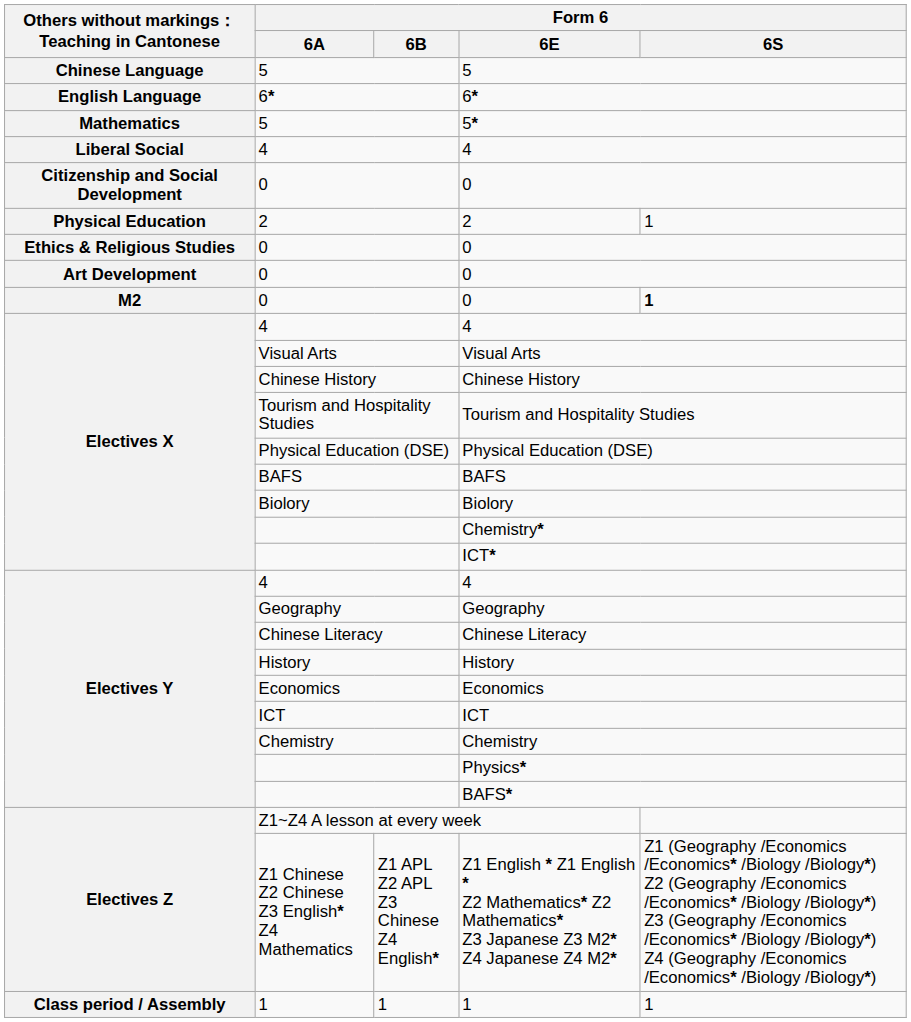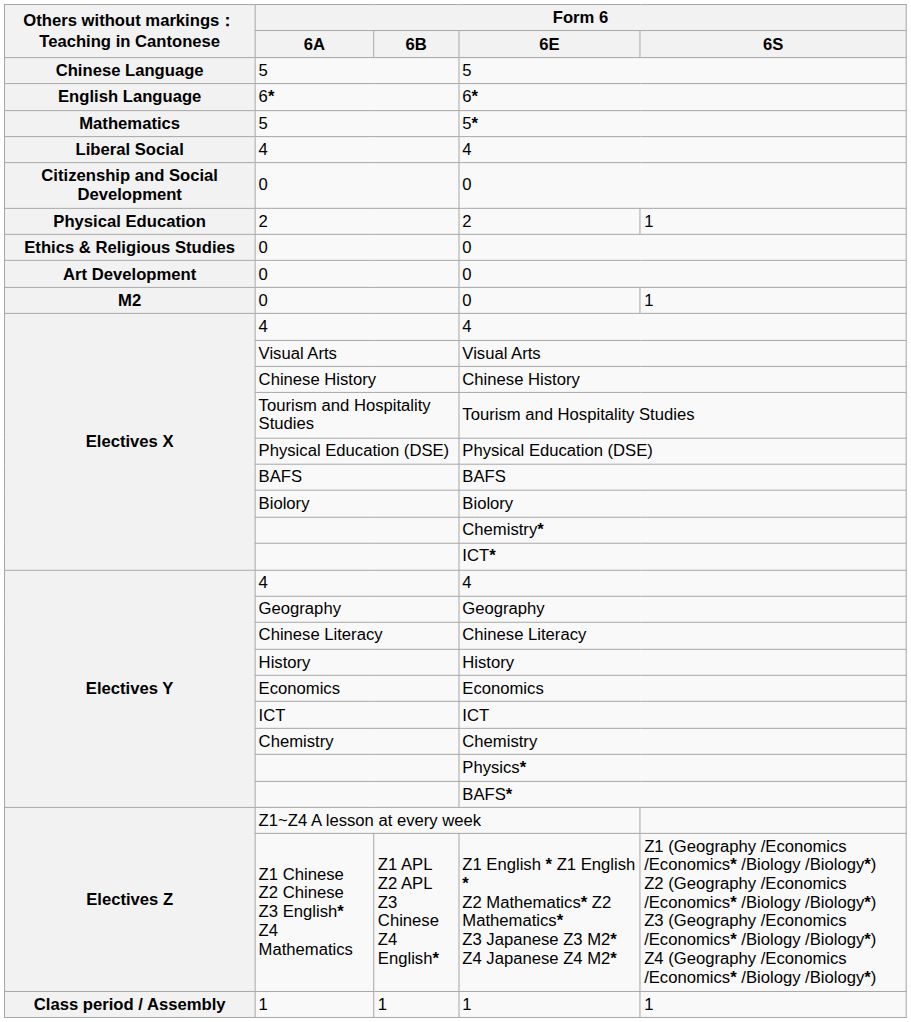 <table class="wikitable">
 <tr>
 <th rowspan="2">Others without markings<strong>：Teaching in Cantonese</strong></th>
 <th colspan="4">Form 6</th>
 </tr>
 <tr>
 <th>6A</th>
 <th>6B</th>
 <th>6E</th>
 <th>6S</th>
 </tr>
 <tr>
 <th>Chinese Language</th>
 <td colspan="2">5</td>
 <td colspan="2">5</td>
 </tr>
 <tr>
 <th>English Language</th>
 <td colspan="2">6<strong>*</strong></td>
 <td colspan="2">6<strong>*</strong></td>
 </tr>
 <tr>
 <th>Mathematics</th>
 <td colspan="2">5</td>
 <td colspan="2">5<strong>*</strong></td>
 </tr>
 <tr>
 <th>Liberal Social</th>
 <td colspan="2">4</td>
 <td colspan="2">4</td>
 </tr>
 <tr>
 <th>Citizenship and Social Development</th>
 <td colspan="2">0</td>
 <td colspan="2">0</td>
 </tr>
 <tr>
 <th>Physical Education</th>
 <td colspan="2">2</td>
 <td>2</td>
 <td>1</td>
 </tr>
 <tr>
 <th>Ethics & Religious Studies</th>
 <td colspan="2">0</td>
 <td colspan="2">0</td>
 </tr>
 <tr>
 <th>Art Development</th>
 <td colspan="2">0</td>
 <td colspan="2">0</td>
 </tr>
 <tr>
 <th>M2</th>
 <td colspan="2">0</td>
 <td>0</td>
-<td><strong>1</strong></td>
+<td>1</td>
 </tr>
 <tr>
 <th rowspan="9">Electives X</th>
 <td colspan="2">4</td>
 <td colspan="2">4</td>
 </tr>
 <tr>
 <td colspan="2">Visual Arts</td>
 <td colspan="2">Visual Arts</td>
 </tr>
 <tr>
 <td colspan="2">Chinese History</td>
 <td colspan="2">Chinese History</td>
 </tr>
 <tr>
 <td colspan="2">Tourism and Hospitality Studies</td>
 <td colspan="2">Tourism and Hospitality Studies</td>
 </tr>
 <tr>
 <td colspan="2">Physical Education (DSE)</td>
 <td colspan="2">Physical Education (DSE)</td>
 </tr>
 <tr>
 <td colspan="2">BAFS</td>
 <td colspan="2">BAFS</td>
 </tr>
 <tr>
 <td colspan="2">Biolory</td>
 <td colspan="2">Biolory</td>
 </tr>
 <tr>
 <td colspan="2"></td>
 <td colspan="2">Chemistry<strong>*</strong></td>
 </tr>
 <tr>
 <td colspan="2"></td>
 <td colspan="2">ICT<strong>*</strong></td>
 </tr>
 <tr>
 <th rowspan="9">Electives Y</th>
 <td colspan="2">4</td>
 <td colspan="2">4</td>
 </tr>
 <tr>
 <td colspan="2">Geography</td>
 <td colspan="2">Geography</td>
 </tr>
 <tr>
 <td colspan="2">Chinese Literacy</td>
 <td colspan="2">Chinese Literacy</td>
 </tr>
 <tr>
 <td colspan="2">History</td>
 <td colspan="2">History</td>
 </tr>
 <tr>
 <td colspan="2">Economics</td>
 <td colspan="2">Economics</td>
 </tr>
 <tr>
 <td colspan="2">ICT</td>
 <td colspan="2">ICT</td>
 </tr>
 <tr>
 <td colspan="2">Chemistry</td>
 <td colspan="2">Chemistry</td>
 </tr>
 <tr>
 <td colspan="2"></td>
 <td colspan="2">Physics<strong>*</strong></td>
 </tr>
 <tr>
 <td colspan="2"></td>
 <td colspan="2">BAFS<strong>*</strong></td>
 </tr>
 <tr>
 <th rowspan="2">Electives Z</th>
 <td colspan="3">Z1~Z4 A lesson at every week</td>
 <td></td>
 </tr>
 <tr>
 <td>Z1 Chinese<br>Z2 Chinese<br>Z3 English<strong>*</strong><br>Z4 Mathematics</td>
 <td>Z1 APL<br>Z2 APL<br>Z3 Chinese<br>Z4 English<strong>*</strong></td>
 <td>Z1 English <strong>*</strong>            Z1 English <strong>*</strong><br>Z2 Mathematics<strong>*</strong>    Z2 Mathematics<strong>*</strong><br>Z3 Japanese          Z3 M2<strong>*</strong><br>Z4 Japanese          Z4 M2<strong>*</strong></td>
 <td>Z1 (Geography /Economics /Economics<strong>*</strong> /Biology /Biology<strong>*</strong>)<br>Z2 (Geography /Economics /Economics<strong>*</strong> /Biology /Biology<strong>*</strong>)<br>Z3 (Geography /Economics /Economics<strong>*</strong> /Biology /Biology<strong>*</strong>)<br>Z4 (Geography /Economics /Economics<strong>*</strong> /Biology /Biology<strong>*</strong>)</td>
 </tr>
 <tr>
 <th>Class period / Assembly</th>
 <td>1</td>
 <td>1</td>
 <td>1</td>
 <td>1</td>
 </tr>
 </table>
